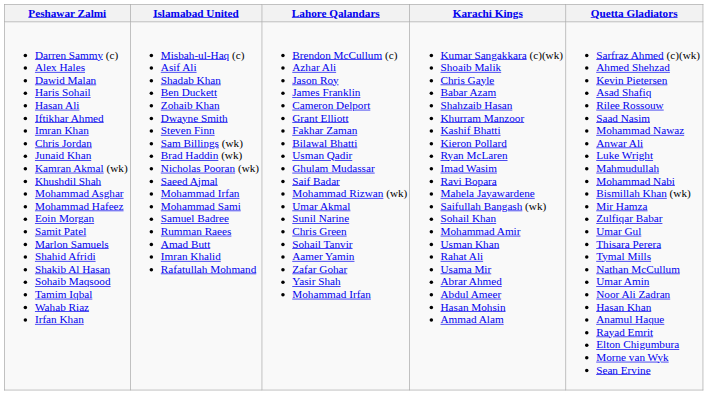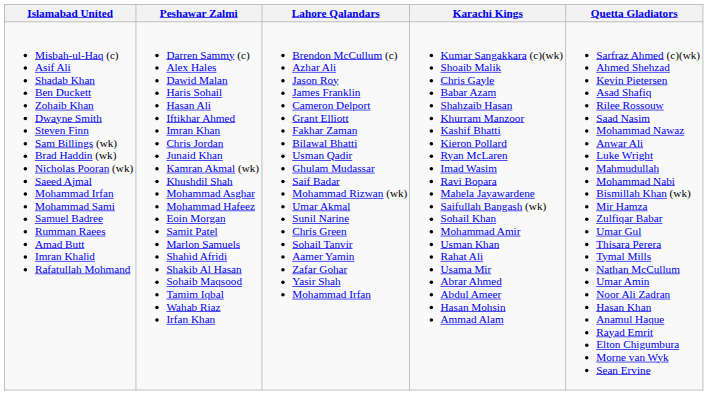 <table class="wikitable">
 <tr>
+<th><a href='#'>Islamabad United</a></th>
 <th><a href='#'>Peshawar Zalmi</a></th>
-<th><a href='#'>Islamabad United</a></th>
 <th><a href='#'>Lahore Qalandars</a></th>
 <th><a href='#'>Karachi Kings</a></th>
 <th><a href='#'>Quetta Gladiators</a></th>
 </tr>
 <tr>
+<td valign=top><br><ul><li><a href='#'>Misbah-ul-Haq</a> (c)</li><li><a href='#'>Asif Ali</a></li><li><a href='#'>Shadab Khan</a></li><li><a href='#'>Ben Duckett</a></li><li><a href='#'>Zohaib Khan</a></li><li><a href='#'>Dwayne Smith</a></li><li><a href='#'>Steven Finn</a></li><li><a href='#'>Sam Billings</a> (wk)</li><li><a href='#'>Brad Haddin</a> (wk)</li><li><a href='#'>Nicholas Pooran</a> (wk)</li><li><a href='#'>Saeed Ajmal</a></li><li><a href='#'>Mohammad Irfan</a></li><li><a href='#'>Mohammad Sami</a></li><li><a href='#'>Samuel Badree</a></li><li><a href='#'>Rumman Raees</a></li><li><a href='#'>Amad Butt</a></li><li><a href='#'>Imran Khalid</a></li><li><a href='#'>Rafatullah Mohmand</a></li></ul></td>
 <td valign=top><br><ul><li><a href='#'>Darren Sammy</a> (c)</li><li><a href='#'>Alex Hales</a></li><li><a href='#'>Dawid Malan</a></li><li><a href='#'>Haris Sohail</a></li><li><a href='#'>Hasan Ali</a></li><li><a href='#'>Iftikhar Ahmed</a></li><li><a href='#'>Imran Khan</a></li><li><a href='#'>Chris Jordan</a></li><li><a href='#'>Junaid Khan</a></li><li><a href='#'>Kamran Akmal</a> (wk)</li><li><a href='#'>Khushdil Shah</a></li><li><a href='#'>Mohammad Asghar</a></li><li><a href='#'>Mohammad Hafeez</a></li><li><a href='#'>Eoin Morgan</a></li><li><a href='#'>Samit Patel</a></li><li><a href='#'>Marlon Samuels</a></li><li><a href='#'>Shahid Afridi</a></li><li><a href='#'>Shakib Al Hasan</a></li><li><a href='#'>Sohaib Maqsood</a></li><li><a href='#'>Tamim Iqbal</a></li><li><a href='#'>Wahab Riaz</a></li><li><a href='#'>Irfan Khan</a></li></ul></td>
-<td valign=top><br><ul><li><a href='#'>Misbah-ul-Haq</a> (c)</li><li><a href='#'>Asif Ali</a></li><li><a href='#'>Shadab Khan</a></li><li><a href='#'>Ben Duckett</a></li><li><a href='#'>Zohaib Khan</a></li><li><a href='#'>Dwayne Smith</a></li><li><a href='#'>Steven Finn</a></li><li><a href='#'>Sam Billings</a> (wk)</li><li><a href='#'>Brad Haddin</a> (wk)</li><li><a href='#'>Nicholas Pooran</a> (wk)</li><li><a href='#'>Saeed Ajmal</a></li><li><a href='#'>Mohammad Irfan</a></li><li><a href='#'>Mohammad Sami</a></li><li><a href='#'>Samuel Badree</a></li><li><a href='#'>Rumman Raees</a></li><li><a href='#'>Amad Butt</a></li><li><a href='#'>Imran Khalid</a></li><li><a href='#'>Rafatullah Mohmand</a></li></ul></td>
 <td valign=top><br><ul><li><a href='#'>Brendon McCullum</a> (c)</li><li><a href='#'>Azhar Ali</a></li><li><a href='#'>Jason Roy</a></li><li><a href='#'>James Franklin</a></li><li><a href='#'>Cameron Delport</a></li><li><a href='#'>Grant Elliott</a></li><li><a href='#'>Fakhar Zaman</a></li><li><a href='#'>Bilawal Bhatti</a></li><li><a href='#'>Usman Qadir</a></li><li><a href='#'>Ghulam Mudassar</a></li><li><a href='#'>Saif Badar</a></li><li><a href='#'>Mohammad Rizwan</a> (wk)</li><li><a href='#'>Umar Akmal</a></li><li><a href='#'>Sunil Narine</a></li><li><a href='#'>Chris Green</a></li><li><a href='#'>Sohail Tanvir</a></li><li><a href='#'>Aamer Yamin</a></li><li><a href='#'>Zafar Gohar</a></li><li><a href='#'>Yasir Shah</a></li><li><a href='#'>Mohammad Irfan</a></li></ul></td>
 <td valign=top><br><ul><li><a href='#'>Kumar Sangakkara</a> (c)(wk)</li><li><a href='#'>Shoaib Malik</a></li><li><a href='#'>Chris Gayle</a></li><li><a href='#'>Babar Azam</a></li><li><a href='#'>Shahzaib Hasan</a></li><li><a href='#'>Khurram Manzoor</a></li><li><a href='#'>Kashif Bhatti</a></li><li><a href='#'>Kieron Pollard</a></li><li><a href='#'>Ryan McLaren</a></li><li><a href='#'>Imad Wasim</a></li><li><a href='#'>Ravi Bopara</a></li><li><a href='#'>Mahela Jayawardene</a></li><li><a href='#'>Saifullah Bangash</a> (wk)</li><li><a href='#'>Sohail Khan</a></li><li><a href='#'>Mohammad Amir</a></li><li><a href='#'>Usman Khan</a></li><li><a href='#'>Rahat Ali</a></li><li><a href='#'>Usama Mir</a></li><li><a href='#'>Abrar Ahmed</a></li><li><a href='#'>Abdul Ameer</a></li><li><a href='#'>Hasan Mohsin</a></li><li><a href='#'>Ammad Alam</a></li></ul></td>
 <td valign=top><br><ul><li><a href='#'>Sarfraz Ahmed</a> (c)(wk)</li><li><a href='#'>Ahmed Shehzad</a></li><li><a href='#'>Kevin Pietersen</a></li><li><a href='#'>Asad Shafiq</a></li><li><a href='#'>Rilee Rossouw</a></li><li><a href='#'>Saad Nasim</a></li><li><a href='#'>Mohammad Nawaz</a></li><li><a href='#'>Anwar Ali</a></li><li><a href='#'>Luke Wright</a></li><li><a href='#'>Mahmudullah</a></li><li><a href='#'>Mohammad Nabi</a></li><li><a href='#'>Bismillah Khan</a> (wk)</li><li><a href='#'>Mir Hamza</a></li><li><a href='#'>Zulfiqar Babar</a></li><li><a href='#'>Umar Gul</a></li><li><a href='#'>Thisara Perera</a></li><li><a href='#'>Tymal Mills</a></li><li><a href='#'>Nathan McCullum</a></li><li><a href='#'>Umar Amin</a></li><li><a href='#'>Noor Ali Zadran</a></li><li><a href='#'>Hasan Khan</a></li><li><a href='#'>Anamul Haque</a></li><li><a href='#'>Rayad Emrit</a></li><li><a href='#'>Elton Chigumbura</a></li><li><a href='#'>Morne van Wyk</a></li><li><a href='#'>Sean Ervine</a></li></ul></td>
 </tr>
 </table>
